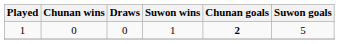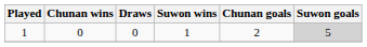 <table class=wikitable style="text-align:center">
 <tr>
 <th>Played</th>
 <th>Chunan wins</th>
 <th>Draws</th>
 <th>Suwon wins</th>
 <th>Chunan goals</th>
 <th>Suwon goals</th>
 </tr>
 <tr>
 <td>1</td>
 <td>0</td>
 <td>0</td>
 <td>1</td>
-<td><strong>2</strong></td>
-<td>5</td>
+<td>2</td>
+<td style="background: lightgrey;">5</td>
 </tr>
 <tr>
 </tr>
 </table>
